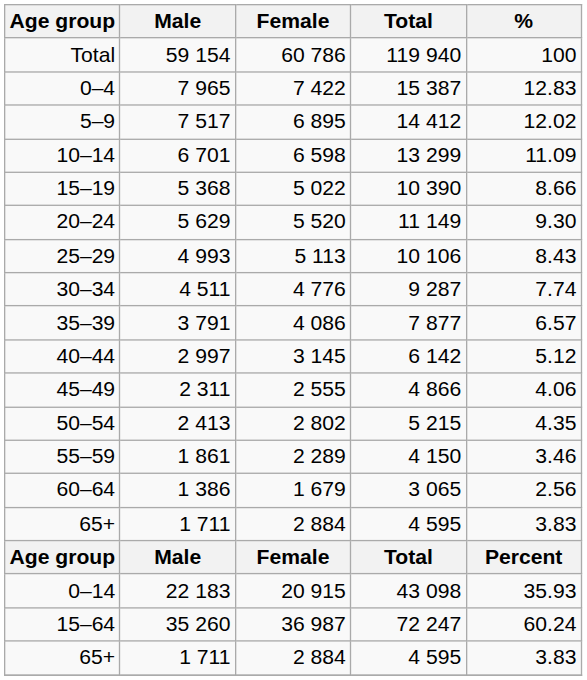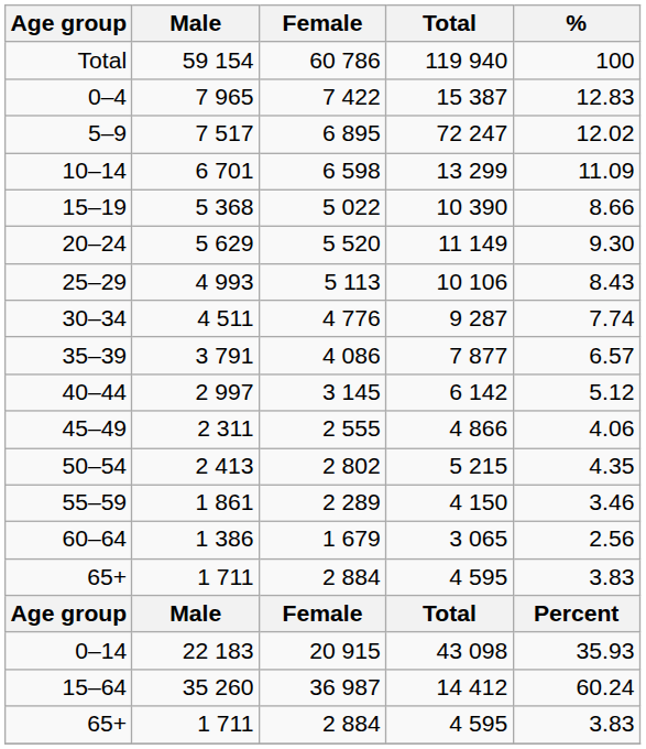 <table class="wikitable">
 <tr>
 <th width="80pt">Age group</th>
 <th width="80pt">Male</th>
 <th width="80pt">Female</th>
 <th width="80pt">Total</th>
 <th width="80pt">%</th>
 </tr>
 <tr>
 <td align="right">Total</td>
 <td align="right">59 154</td>
 <td align="right">60 786</td>
 <td align="right">119 940</td>
 <td align="right">100</td>
 </tr>
 <tr>
 <td align="right">0–4</td>
 <td align="right">7 965</td>
 <td align="right">7 422</td>
 <td align="right">15 387</td>
 <td align="right">12.83</td>
 </tr>
 <tr>
 <td align="right">5–9</td>
 <td align="right">7 517</td>
 <td align="right">6 895</td>
-<td align="right">14 412</td>
+<td align="right">72 247</td>
 <td align="right">12.02</td>
 </tr>
 <tr>
 <td align="right">10–14</td>
 <td align="right">6 701</td>
 <td align="right">6 598</td>
 <td align="right">13 299</td>
 <td align="right">11.09</td>
 </tr>
 <tr>
 <td align="right">15–19</td>
 <td align="right">5 368</td>
 <td align="right">5 022</td>
 <td align="right">10 390</td>
 <td align="right">8.66</td>
 </tr>
 <tr>
 <td align="right">20–24</td>
 <td align="right">5 629</td>
 <td align="right">5 520</td>
 <td align="right">11 149</td>
 <td align="right">9.30</td>
 </tr>
 <tr>
 <td align="right">25–29</td>
 <td align="right">4 993</td>
 <td align="right">5 113</td>
 <td align="right">10 106</td>
 <td align="right">8.43</td>
 </tr>
 <tr>
 <td align="right">30–34</td>
 <td align="right">4 511</td>
 <td align="right">4 776</td>
 <td align="right">9 287</td>
 <td align="right">7.74</td>
 </tr>
 <tr>
 <td align="right">35–39</td>
 <td align="right">3 791</td>
 <td align="right">4 086</td>
 <td align="right">7 877</td>
 <td align="right">6.57</td>
 </tr>
 <tr>
 <td align="right">40–44</td>
 <td align="right">2 997</td>
 <td align="right">3 145</td>
 <td align="right">6 142</td>
 <td align="right">5.12</td>
 </tr>
 <tr>
 <td align="right">45–49</td>
 <td align="right">2 311</td>
 <td align="right">2 555</td>
 <td align="right">4 866</td>
 <td align="right">4.06</td>
 </tr>
 <tr>
 <td align="right">50–54</td>
 <td align="right">2 413</td>
 <td align="right">2 802</td>
 <td align="right">5 215</td>
 <td align="right">4.35</td>
 </tr>
 <tr>
 <td align="right">55–59</td>
 <td align="right">1 861</td>
 <td align="right">2 289</td>
 <td align="right">4 150</td>
 <td align="right">3.46</td>
 </tr>
 <tr>
 <td align="right">60–64</td>
 <td align="right">1 386</td>
 <td align="right">1 679</td>
 <td align="right">3 065</td>
 <td align="right">2.56</td>
 </tr>
 <tr>
 <td align="right">65+</td>
 <td align="right">1 711</td>
 <td align="right">2 884</td>
 <td align="right">4 595</td>
 <td align="right">3.83</td>
 </tr>
 <tr>
 <th width="50">Age group</th>
 <th width="80pt">Male</th>
 <th width="80">Female</th>
 <th width="80">Total</th>
 <th width="50">Percent</th>
 </tr>
 <tr>
 <td align="right">0–14</td>
 <td align="right">22 183</td>
 <td align="right">20 915</td>
 <td align="right">43 098</td>
 <td align="right">35.93</td>
 </tr>
 <tr>
 <td align="right">15–64</td>
 <td align="right">35 260</td>
 <td align="right">36 987</td>
-<td align="right">72 247</td>
+<td align="right">14 412</td>
 <td align="right">60.24</td>
 </tr>
 <tr>
 <td align="right">65+</td>
 <td align="right">1 711</td>
 <td align="right">2 884</td>
 <td align="right">4 595</td>
 <td align="right">3.83</td>
 </tr>
 <tr>
 </tr>
 </table>
